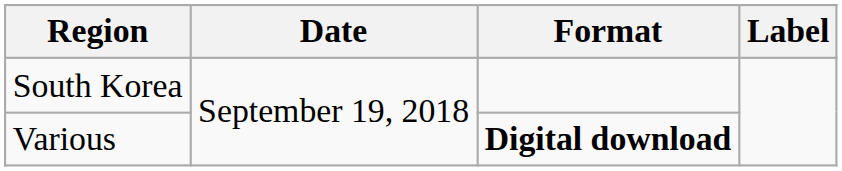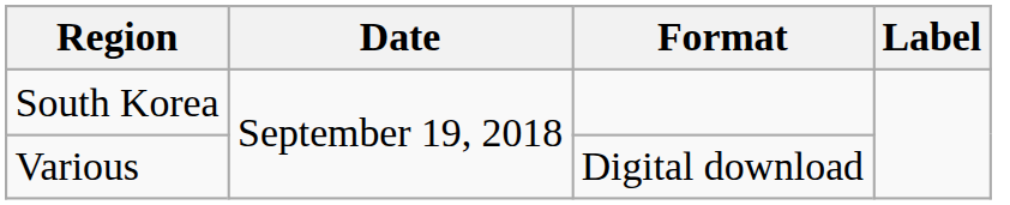 <table class="wikitable">
 <tr>
 <th>Region</th>
 <th>Date</th>
 <th>Format</th>
 <th>Label</th>
 </tr>
 <tr>
 <td>South Korea</td>
 <td rowspan="2">September 19, 2018</td>
 <td></td>
 <td rowspan="2"></td>
 </tr>
 <tr>
 <td>Various</td>
-<td><strong>Digital download</strong></td>
+<td>Digital download</td>
 </tr>
 </table>
